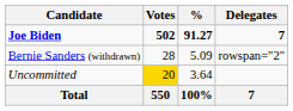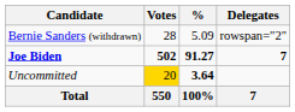 <table class="wikitable sortable" style="text-align:right;">
 <tr>
 <th>Candidate</th>
 <th>Votes</th>
 <th>%</th>
 <th>Delegates</th>
 </tr>
 <tr>
+<td style="text-align:left;" data-sort-value="Sanders, Bernie"><a href='#'>Bernie Sanders</a> <small>(withdrawn)</small></td>
+<td>28</td>
+<td>5.09</td>
+<td>rowspan="2" </td>
+</tr>
+<tr>
 <td style="text-align:left;" data-sort-value="Biden, Joe"><strong><a href='#'>Joe Biden</a></strong></td>
 <td><strong>502</strong></td>
 <td><strong>91.27</strong></td>
 <td><strong>7</strong></td>
 </tr>
 <tr>
-<td style="text-align:left;" data-sort-value="Sanders, Bernie"><a href='#'>Bernie Sanders</a> <small>(withdrawn)</small></td>
-<td>28</td>
-<td>5.09</td>
-<td>rowspan="2" </td>
-</tr>
-<tr>
 <td style="text-align:left;" data-sort-value="ZZ"><em>Uncommitted</em></td>
 <td style="background: gold;">20</td>
-<td>3.64</td>
+<td><strong>3.64</strong></td>
 </tr>
 <tr>
 <th>Total</th>
 <th>550</th>
 <th>100%</th>
 <th>7</th>
 </tr>
 </table>
